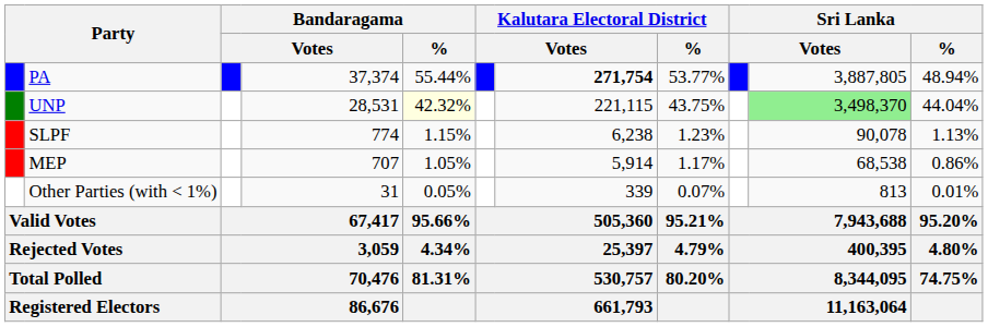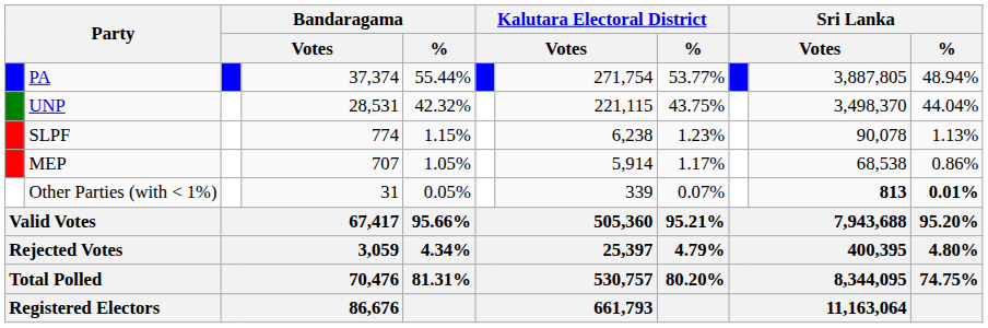 <table class="wikitable">
 <tr>
 <th colspan="2" width="144px"rowspan="2">Party</th>
 <th colspan="3" width="216px">Bandaragama</th>
 <th colspan="3" width="216px"><a href='#'>Kalutara Electoral District</a></th>
 <th colspan="3" width="216px">Sri Lanka</th>
 </tr>
 <tr>
 <th colspan="2" width="144px">Votes</th>
 <th>%</th>
 <th colspan="2" width="144px">Votes</th>
 <th>%</th>
 <th colspan="2" width="144px">Votes</th>
 <th>%</th>
 </tr>
 <tr>
 <td style="background-color:blue;" width="10px"></td>
 <td style="text-align:left;"><a href='#'>PA</a></td>
 <td style="background-color:blue;" width="10px"></td>
 <td style="text-align:right;">37,374</td>
 <td style="text-align:right;">55.44%</td>
 <td style="background-color:blue;" width="10px"></td>
-<td style="text-align:right;"><strong>271,754</strong></td>
+<td style="text-align:right;">271,754</td>
 <td style="text-align:right;">53.77%</td>
 <td style="background-color:blue;" width="10px"></td>
 <td style="text-align:right;">3,887,805</td>
 <td style="text-align:right;">48.94%</td>
 </tr>
 <tr>
 <td style="background-color:green;" width="10px"></td>
 <td style="text-align:left;"><a href='#'>UNP</a></td>
 <td style="background-color:white;" width="10px"></td>
 <td style="text-align:right;">28,531</td>
-<td style="background: lightyellow; text-align:right;">42.32%</td>
+<td style="text-align:right;">42.32%</td>
 <td style="background-color:white;" width="10px"></td>
 <td style="text-align:right;">221,115</td>
 <td style="text-align:right;">43.75%</td>
 <td style="background-color:white;" width="10px"></td>
-<td style="background: lightgreen; text-align:right;">3,498,370</td>
+<td style="text-align:right;">3,498,370</td>
 <td style="text-align:right;">44.04%</td>
 </tr>
 <tr>
 <td style="background-color:red;" width="10px"></td>
 <td style="text-align:left;">SLPF</td>
 <td style="background-color:white;" width="10px"></td>
 <td style="text-align:right;">774</td>
 <td style="text-align:right;">1.15%</td>
 <td style="background-color:white;" width="10px"></td>
 <td style="text-align:right;">6,238</td>
 <td style="text-align:right;">1.23%</td>
 <td style="background-color:white;" width="10px"></td>
 <td style="text-align:right;">90,078</td>
 <td style="text-align:right;">1.13%</td>
 </tr>
 <tr>
 <td style="background-color:red;" width="10px"></td>
 <td style="text-align:left;">MEP</td>
 <td style="background-color:white;" width="10px"></td>
 <td style="text-align:right;">707</td>
 <td style="text-align:right;">1.05%</td>
 <td style="background-color:white;" width="10px"></td>
 <td style="text-align:right;">5,914</td>
 <td style="text-align:right;">1.17%</td>
 <td style="background-color:white;" width="10px"></td>
 <td style="text-align:right;">68,538</td>
 <td style="text-align:right;">0.86%</td>
 </tr>
 <tr>
 <td style="background-color:white;" width="10px"></td>
 <td style="text-align:left;">Other Parties (with < 1%)</td>
 <td style="background-color:white;" width="10px"></td>
 <td style="text-align:right;">31</td>
 <td style="text-align:right;">0.05%</td>
 <td style="background-color:white;" width="10px"></td>
 <td style="text-align:right;">339</td>
 <td style="text-align:right;">0.07%</td>
 <td style="background-color:white;" width="10px"></td>
-<td style="text-align:right;">813</td>
-<td style="text-align:right;">0.01%</td>
+<td style="text-align:right;"><strong>813</strong></td>
+<td style="text-align:right;"><strong>0.01%</strong></td>
 </tr>
 <tr>
 <th colspan="2" width="144px"style="text-align:left;">Valid Votes</th>
 <th style="text-align:right;"colspan="2" width="144px">67,417</th>
 <th style="text-align:right;">95.66%</th>
 <th style="text-align:right;"colspan="2" width="144px">505,360</th>
 <th style="text-align:right;">95.21%</th>
 <th style="text-align:right;"colspan="2" width="144px">7,943,688</th>
 <th style="text-align:right;">95.20%</th>
 </tr>
 <tr>
 <th colspan="2" width="144px"style="text-align:left;">Rejected Votes</th>
 <th style="text-align:right;"colspan="2" width="144px">3,059</th>
 <th style="text-align:right;">4.34%</th>
 <th style="text-align:right;"colspan="2" width="144px">25,397</th>
 <th style="text-align:right;">4.79%</th>
 <th style="text-align:right;"colspan="2" width="144px">400,395</th>
 <th style="text-align:right;">4.80%</th>
 </tr>
 <tr>
 <th colspan="2" width="144px"style="text-align:left;">Total Polled</th>
 <th style="text-align:right;"colspan="2" width="144px">70,476</th>
 <th style="text-align:right;">81.31%</th>
 <th style="text-align:right;"colspan="2" width="144px">530,757</th>
 <th style="text-align:right;">80.20%</th>
 <th style="text-align:right;"colspan="2" width="144px">8,344,095</th>
 <th style="text-align:right;">74.75%</th>
 </tr>
 <tr>
 <th colspan="2" width="144px"style="text-align:left;">Registered Electors</th>
 <th style="text-align:right;"colspan="2" width="144px">86,676</th>
 <th></th>
 <th style="text-align:right;"colspan="2" width="144px">661,793</th>
 <th></th>
 <th style="text-align:right;"colspan="2" width="144px">11,163,064</th>
 <th></th>
 </tr>
 </table>
